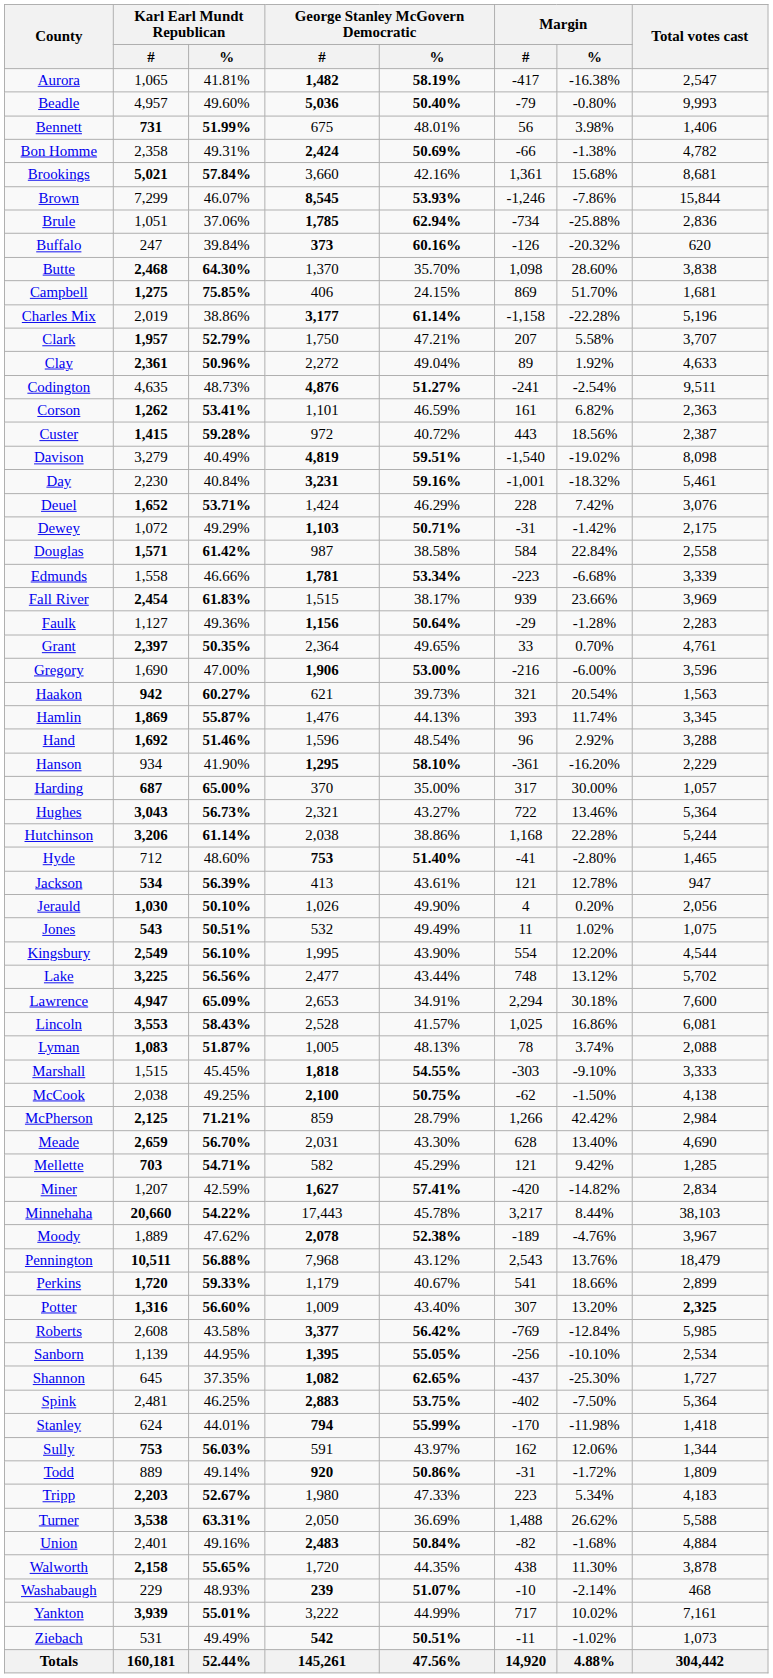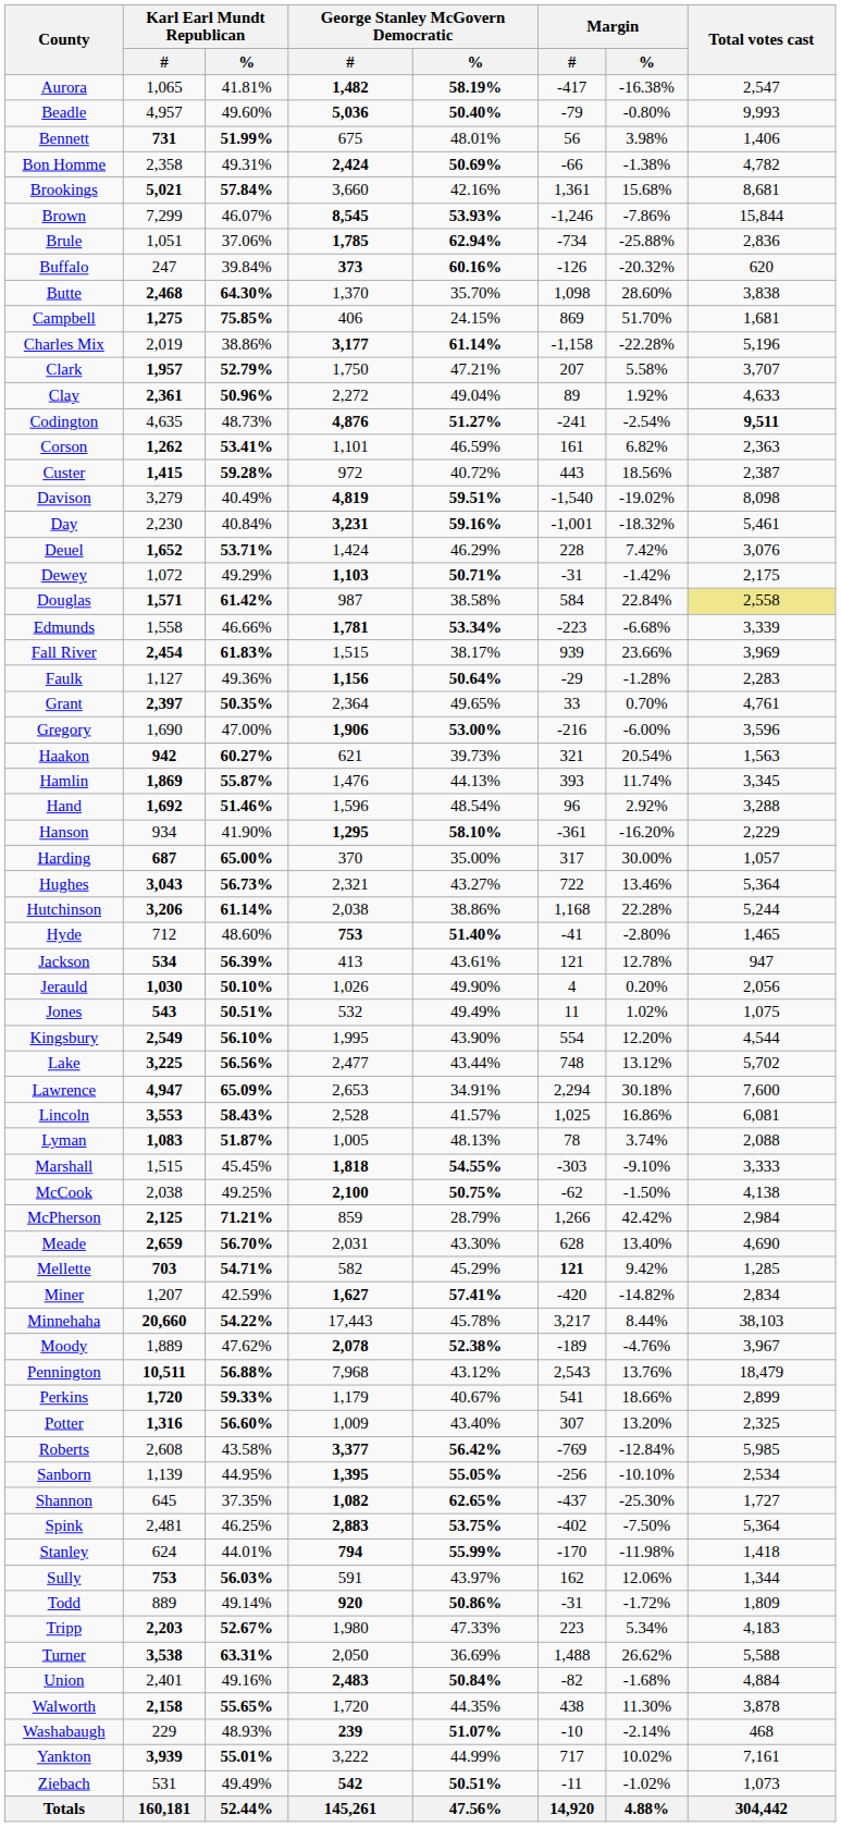 <table class="wikitable sortable" width="65%">
 <tr>
 <th rowspan="2">County</th>
 <th colspan="2">Karl Earl Mundt<br>Republican</th>
 <th colspan="2">George Stanley McGovern<br>Democratic</th>
 <th colspan="2">Margin</th>
 <th rowspan="2">Total votes cast</th>
 </tr>
 <tr style="text-align:center;">
 <th data-sort-type="number">#</th>
 <th data-sort-type="number">%</th>
 <th data-sort-type="number">#</th>
 <th data-sort-type="number">%</th>
 <th data-sort-type="number">#</th>
 <th data-sort-type="number">%</th>
 </tr>
 <tr style="text-align:center;">
 <td><a href='#'>Aurora</a></td>
 <td>1,065</td>
 <td>41.81%</td>
 <td><strong>1,482</strong></td>
 <td><strong>58.19%</strong></td>
 <td>-417</td>
 <td>-16.38%</td>
 <td>2,547</td>
 </tr>
 <tr style="text-align:center;">
 <td><a href='#'>Beadle</a></td>
 <td>4,957</td>
 <td>49.60%</td>
 <td><strong>5,036</strong></td>
 <td><strong>50.40%</strong></td>
 <td>-79</td>
 <td>-0.80%</td>
 <td>9,993</td>
 </tr>
 <tr style="text-align:center;">
 <td><a href='#'>Bennett</a></td>
 <td><strong>731</strong></td>
 <td><strong>51.99%</strong></td>
 <td>675</td>
 <td>48.01%</td>
 <td>56</td>
 <td>3.98%</td>
 <td>1,406</td>
 </tr>
 <tr style="text-align:center;">
 <td><a href='#'>Bon Homme</a></td>
 <td>2,358</td>
 <td>49.31%</td>
 <td><strong>2,424</strong></td>
 <td><strong>50.69%</strong></td>
 <td>-66</td>
 <td>-1.38%</td>
 <td>4,782</td>
 </tr>
 <tr style="text-align:center;">
 <td><a href='#'>Brookings</a></td>
 <td><strong>5,021</strong></td>
 <td><strong>57.84%</strong></td>
 <td>3,660</td>
 <td>42.16%</td>
 <td>1,361</td>
 <td>15.68%</td>
 <td>8,681</td>
 </tr>
 <tr style="text-align:center;">
 <td><a href='#'>Brown</a></td>
 <td>7,299</td>
 <td>46.07%</td>
 <td><strong>8,545</strong></td>
 <td><strong>53.93%</strong></td>
 <td>-1,246</td>
 <td>-7.86%</td>
 <td>15,844</td>
 </tr>
 <tr style="text-align:center;">
 <td><a href='#'>Brule</a></td>
 <td>1,051</td>
 <td>37.06%</td>
 <td><strong>1,785</strong></td>
 <td><strong>62.94%</strong></td>
 <td>-734</td>
 <td>-25.88%</td>
 <td>2,836</td>
 </tr>
 <tr style="text-align:center;">
 <td><a href='#'>Buffalo</a></td>
 <td>247</td>
 <td>39.84%</td>
 <td><strong>373</strong></td>
 <td><strong>60.16%</strong></td>
 <td>-126</td>
 <td>-20.32%</td>
 <td>620</td>
 </tr>
 <tr style="text-align:center;">
 <td><a href='#'>Butte</a></td>
 <td><strong>2,468</strong></td>
 <td><strong>64.30%</strong></td>
 <td>1,370</td>
 <td>35.70%</td>
 <td>1,098</td>
 <td>28.60%</td>
 <td>3,838</td>
 </tr>
 <tr style="text-align:center;">
 <td><a href='#'>Campbell</a></td>
 <td><strong>1,275</strong></td>
 <td><strong>75.85%</strong></td>
 <td>406</td>
 <td>24.15%</td>
 <td>869</td>
 <td>51.70%</td>
 <td>1,681</td>
 </tr>
 <tr style="text-align:center;">
 <td><a href='#'>Charles Mix</a></td>
 <td>2,019</td>
 <td>38.86%</td>
 <td><strong>3,177</strong></td>
 <td><strong>61.14%</strong></td>
 <td>-1,158</td>
 <td>-22.28%</td>
 <td>5,196</td>
 </tr>
 <tr style="text-align:center;">
 <td><a href='#'>Clark</a></td>
 <td><strong>1,957</strong></td>
 <td><strong>52.79%</strong></td>
 <td>1,750</td>
 <td>47.21%</td>
 <td>207</td>
 <td>5.58%</td>
 <td>3,707</td>
 </tr>
 <tr style="text-align:center;">
 <td><a href='#'>Clay</a></td>
 <td><strong>2,361</strong></td>
 <td><strong>50.96%</strong></td>
 <td>2,272</td>
 <td>49.04%</td>
 <td>89</td>
 <td>1.92%</td>
 <td>4,633</td>
 </tr>
 <tr style="text-align:center;">
 <td><a href='#'>Codington</a></td>
 <td>4,635</td>
 <td>48.73%</td>
 <td><strong>4,876</strong></td>
 <td><strong>51.27%</strong></td>
 <td>-241</td>
 <td>-2.54%</td>
-<td>9,511</td>
+<td><strong>9,511</strong></td>
 </tr>
 <tr style="text-align:center;">
 <td><a href='#'>Corson</a></td>
 <td><strong>1,262</strong></td>
 <td><strong>53.41%</strong></td>
 <td>1,101</td>
 <td>46.59%</td>
 <td>161</td>
 <td>6.82%</td>
 <td>2,363</td>
 </tr>
 <tr style="text-align:center;">
 <td><a href='#'>Custer</a></td>
 <td><strong>1,415</strong></td>
 <td><strong>59.28%</strong></td>
 <td>972</td>
 <td>40.72%</td>
 <td>443</td>
 <td>18.56%</td>
 <td>2,387</td>
 </tr>
 <tr style="text-align:center;">
 <td><a href='#'>Davison</a></td>
 <td>3,279</td>
 <td>40.49%</td>
 <td><strong>4,819</strong></td>
 <td><strong>59.51%</strong></td>
 <td>-1,540</td>
 <td>-19.02%</td>
 <td>8,098</td>
 </tr>
 <tr style="text-align:center;">
 <td><a href='#'>Day</a></td>
 <td>2,230</td>
 <td>40.84%</td>
 <td><strong>3,231</strong></td>
 <td><strong>59.16%</strong></td>
 <td>-1,001</td>
 <td>-18.32%</td>
 <td>5,461</td>
 </tr>
 <tr style="text-align:center;">
 <td><a href='#'>Deuel</a></td>
 <td><strong>1,652</strong></td>
 <td><strong>53.71%</strong></td>
 <td>1,424</td>
 <td>46.29%</td>
 <td>228</td>
 <td>7.42%</td>
 <td>3,076</td>
 </tr>
 <tr style="text-align:center;">
 <td><a href='#'>Dewey</a></td>
 <td>1,072</td>
 <td>49.29%</td>
 <td><strong>1,103</strong></td>
 <td><strong>50.71%</strong></td>
 <td>-31</td>
 <td>-1.42%</td>
 <td>2,175</td>
 </tr>
 <tr style="text-align:center;">
 <td><a href='#'>Douglas</a></td>
 <td><strong>1,571</strong></td>
 <td><strong>61.42%</strong></td>
 <td>987</td>
 <td>38.58%</td>
 <td>584</td>
 <td>22.84%</td>
-<td>2,558</td>
+<td style="background: khaki;">2,558</td>
 </tr>
 <tr style="text-align:center;">
 <td><a href='#'>Edmunds</a></td>
 <td>1,558</td>
 <td>46.66%</td>
 <td><strong>1,781</strong></td>
 <td><strong>53.34%</strong></td>
 <td>-223</td>
 <td>-6.68%</td>
 <td>3,339</td>
 </tr>
 <tr style="text-align:center;">
 <td><a href='#'>Fall River</a></td>
 <td><strong>2,454</strong></td>
 <td><strong>61.83%</strong></td>
 <td>1,515</td>
 <td>38.17%</td>
 <td>939</td>
 <td>23.66%</td>
 <td>3,969</td>
 </tr>
 <tr style="text-align:center;">
 <td><a href='#'>Faulk</a></td>
 <td>1,127</td>
 <td>49.36%</td>
 <td><strong>1,156</strong></td>
 <td><strong>50.64%</strong></td>
 <td>-29</td>
 <td>-1.28%</td>
 <td>2,283</td>
 </tr>
 <tr style="text-align:center;">
 <td><a href='#'>Grant</a></td>
 <td><strong>2,397</strong></td>
 <td><strong>50.35%</strong></td>
 <td>2,364</td>
 <td>49.65%</td>
 <td>33</td>
 <td>0.70%</td>
 <td>4,761</td>
 </tr>
 <tr style="text-align:center;">
 <td><a href='#'>Gregory</a></td>
 <td>1,690</td>
 <td>47.00%</td>
 <td><strong>1,906</strong></td>
 <td><strong>53.00%</strong></td>
 <td>-216</td>
 <td>-6.00%</td>
 <td>3,596</td>
 </tr>
 <tr style="text-align:center;">
 <td><a href='#'>Haakon</a></td>
 <td><strong>942</strong></td>
 <td><strong>60.27%</strong></td>
 <td>621</td>
 <td>39.73%</td>
 <td>321</td>
 <td>20.54%</td>
 <td>1,563</td>
 </tr>
 <tr style="text-align:center;">
 <td><a href='#'>Hamlin</a></td>
 <td><strong>1,869</strong></td>
 <td><strong>55.87%</strong></td>
 <td>1,476</td>
 <td>44.13%</td>
 <td>393</td>
 <td>11.74%</td>
 <td>3,345</td>
 </tr>
 <tr style="text-align:center;">
 <td><a href='#'>Hand</a></td>
 <td><strong>1,692</strong></td>
 <td><strong>51.46%</strong></td>
 <td>1,596</td>
 <td>48.54%</td>
 <td>96</td>
 <td>2.92%</td>
 <td>3,288</td>
 </tr>
 <tr style="text-align:center;">
 <td><a href='#'>Hanson</a></td>
 <td>934</td>
 <td>41.90%</td>
 <td><strong>1,295</strong></td>
 <td><strong>58.10%</strong></td>
 <td>-361</td>
 <td>-16.20%</td>
 <td>2,229</td>
 </tr>
 <tr style="text-align:center;">
 <td><a href='#'>Harding</a></td>
 <td><strong>687</strong></td>
 <td><strong>65.00%</strong></td>
 <td>370</td>
 <td>35.00%</td>
 <td>317</td>
 <td>30.00%</td>
 <td>1,057</td>
 </tr>
 <tr style="text-align:center;">
 <td><a href='#'>Hughes</a></td>
 <td><strong>3,043</strong></td>
 <td><strong>56.73%</strong></td>
 <td>2,321</td>
 <td>43.27%</td>
 <td>722</td>
 <td>13.46%</td>
 <td>5,364</td>
 </tr>
 <tr style="text-align:center;">
 <td><a href='#'>Hutchinson</a></td>
 <td><strong>3,206</strong></td>
 <td><strong>61.14%</strong></td>
 <td>2,038</td>
 <td>38.86%</td>
 <td>1,168</td>
 <td>22.28%</td>
 <td>5,244</td>
 </tr>
 <tr style="text-align:center;">
 <td><a href='#'>Hyde</a></td>
 <td>712</td>
 <td>48.60%</td>
 <td><strong>753</strong></td>
 <td><strong>51.40%</strong></td>
 <td>-41</td>
 <td>-2.80%</td>
 <td>1,465</td>
 </tr>
 <tr style="text-align:center;">
 <td><a href='#'>Jackson</a></td>
 <td><strong>534</strong></td>
 <td><strong>56.39%</strong></td>
 <td>413</td>
 <td>43.61%</td>
 <td>121</td>
 <td>12.78%</td>
 <td>947</td>
 </tr>
 <tr style="text-align:center;">
 <td><a href='#'>Jerauld</a></td>
 <td><strong>1,030</strong></td>
 <td><strong>50.10%</strong></td>
 <td>1,026</td>
 <td>49.90%</td>
 <td>4</td>
 <td>0.20%</td>
 <td>2,056</td>
 </tr>
 <tr style="text-align:center;">
 <td><a href='#'>Jones</a></td>
 <td><strong>543</strong></td>
 <td><strong>50.51%</strong></td>
 <td>532</td>
 <td>49.49%</td>
 <td>11</td>
 <td>1.02%</td>
 <td>1,075</td>
 </tr>
 <tr style="text-align:center;">
 <td><a href='#'>Kingsbury</a></td>
 <td><strong>2,549</strong></td>
 <td><strong>56.10%</strong></td>
 <td>1,995</td>
 <td>43.90%</td>
 <td>554</td>
 <td>12.20%</td>
 <td>4,544</td>
 </tr>
 <tr style="text-align:center;">
 <td><a href='#'>Lake</a></td>
 <td><strong>3,225</strong></td>
 <td><strong>56.56%</strong></td>
 <td>2,477</td>
 <td>43.44%</td>
 <td>748</td>
 <td>13.12%</td>
 <td>5,702</td>
 </tr>
 <tr style="text-align:center;">
 <td><a href='#'>Lawrence</a></td>
 <td><strong>4,947</strong></td>
 <td><strong>65.09%</strong></td>
 <td>2,653</td>
 <td>34.91%</td>
 <td>2,294</td>
 <td>30.18%</td>
 <td>7,600</td>
 </tr>
 <tr style="text-align:center;">
 <td><a href='#'>Lincoln</a></td>
 <td><strong>3,553</strong></td>
 <td><strong>58.43%</strong></td>
 <td>2,528</td>
 <td>41.57%</td>
 <td>1,025</td>
 <td>16.86%</td>
 <td>6,081</td>
 </tr>
 <tr style="text-align:center;">
 <td><a href='#'>Lyman</a></td>
 <td><strong>1,083</strong></td>
 <td><strong>51.87%</strong></td>
 <td>1,005</td>
 <td>48.13%</td>
 <td>78</td>
 <td>3.74%</td>
 <td>2,088</td>
 </tr>
 <tr style="text-align:center;">
 <td><a href='#'>Marshall</a></td>
 <td>1,515</td>
 <td>45.45%</td>
 <td><strong>1,818</strong></td>
 <td><strong>54.55%</strong></td>
 <td>-303</td>
 <td>-9.10%</td>
 <td>3,333</td>
 </tr>
 <tr style="text-align:center;">
 <td><a href='#'>McCook</a></td>
 <td>2,038</td>
 <td>49.25%</td>
 <td><strong>2,100</strong></td>
 <td><strong>50.75%</strong></td>
 <td>-62</td>
 <td>-1.50%</td>
 <td>4,138</td>
 </tr>
 <tr style="text-align:center;">
 <td><a href='#'>McPherson</a></td>
 <td><strong>2,125</strong></td>
 <td><strong>71.21%</strong></td>
 <td>859</td>
 <td>28.79%</td>
 <td>1,266</td>
 <td>42.42%</td>
 <td>2,984</td>
 </tr>
 <tr style="text-align:center;">
 <td><a href='#'>Meade</a></td>
 <td><strong>2,659</strong></td>
 <td><strong>56.70%</strong></td>
 <td>2,031</td>
 <td>43.30%</td>
 <td>628</td>
 <td>13.40%</td>
 <td>4,690</td>
 </tr>
 <tr style="text-align:center;">
 <td><a href='#'>Mellette</a></td>
 <td><strong>703</strong></td>
 <td><strong>54.71%</strong></td>
 <td>582</td>
 <td>45.29%</td>
-<td>121</td>
+<td><strong>121</strong></td>
 <td>9.42%</td>
 <td>1,285</td>
 </tr>
 <tr style="text-align:center;">
 <td><a href='#'>Miner</a></td>
 <td>1,207</td>
 <td>42.59%</td>
 <td><strong>1,627</strong></td>
 <td><strong>57.41%</strong></td>
 <td>-420</td>
 <td>-14.82%</td>
 <td>2,834</td>
 </tr>
 <tr style="text-align:center;">
 <td><a href='#'>Minnehaha</a></td>
 <td><strong>20,660</strong></td>
 <td><strong>54.22%</strong></td>
 <td>17,443</td>
 <td>45.78%</td>
 <td>3,217</td>
 <td>8.44%</td>
 <td>38,103</td>
 </tr>
 <tr style="text-align:center;">
 <td><a href='#'>Moody</a></td>
 <td>1,889</td>
 <td>47.62%</td>
 <td><strong>2,078</strong></td>
 <td><strong>52.38%</strong></td>
 <td>-189</td>
 <td>-4.76%</td>
 <td>3,967</td>
 </tr>
 <tr style="text-align:center;">
 <td><a href='#'>Pennington</a></td>
 <td><strong>10,511</strong></td>
 <td><strong>56.88%</strong></td>
 <td>7,968</td>
 <td>43.12%</td>
 <td>2,543</td>
 <td>13.76%</td>
 <td>18,479</td>
 </tr>
 <tr style="text-align:center;">
 <td><a href='#'>Perkins</a></td>
 <td><strong>1,720</strong></td>
 <td><strong>59.33%</strong></td>
 <td>1,179</td>
 <td>40.67%</td>
 <td>541</td>
 <td>18.66%</td>
 <td>2,899</td>
 </tr>
 <tr style="text-align:center;">
 <td><a href='#'>Potter</a></td>
 <td><strong>1,316</strong></td>
 <td><strong>56.60%</strong></td>
 <td>1,009</td>
 <td>43.40%</td>
 <td>307</td>
 <td>13.20%</td>
-<td><strong>2,325</strong></td>
+<td>2,325</td>
 </tr>
 <tr style="text-align:center;">
 <td><a href='#'>Roberts</a></td>
 <td>2,608</td>
 <td>43.58%</td>
 <td><strong>3,377</strong></td>
 <td><strong>56.42%</strong></td>
 <td>-769</td>
 <td>-12.84%</td>
 <td>5,985</td>
 </tr>
 <tr style="text-align:center;">
 <td><a href='#'>Sanborn</a></td>
 <td>1,139</td>
 <td>44.95%</td>
 <td><strong>1,395</strong></td>
 <td><strong>55.05%</strong></td>
 <td>-256</td>
 <td>-10.10%</td>
 <td>2,534</td>
 </tr>
 <tr style="text-align:center;">
 <td><a href='#'>Shannon</a></td>
 <td>645</td>
 <td>37.35%</td>
 <td><strong>1,082</strong></td>
 <td><strong>62.65%</strong></td>
 <td>-437</td>
 <td>-25.30%</td>
 <td>1,727</td>
 </tr>
 <tr style="text-align:center;">
 <td><a href='#'>Spink</a></td>
 <td>2,481</td>
 <td>46.25%</td>
 <td><strong>2,883</strong></td>
 <td><strong>53.75%</strong></td>
 <td>-402</td>
 <td>-7.50%</td>
 <td>5,364</td>
 </tr>
 <tr style="text-align:center;">
 <td><a href='#'>Stanley</a></td>
 <td>624</td>
 <td>44.01%</td>
 <td><strong>794</strong></td>
 <td><strong>55.99%</strong></td>
 <td>-170</td>
 <td>-11.98%</td>
 <td>1,418</td>
 </tr>
 <tr style="text-align:center;">
 <td><a href='#'>Sully</a></td>
 <td><strong>753</strong></td>
 <td><strong>56.03%</strong></td>
 <td>591</td>
 <td>43.97%</td>
 <td>162</td>
 <td>12.06%</td>
 <td>1,344</td>
 </tr>
 <tr style="text-align:center;">
 <td><a href='#'>Todd</a></td>
 <td>889</td>
 <td>49.14%</td>
 <td><strong>920</strong></td>
 <td><strong>50.86%</strong></td>
 <td>-31</td>
 <td>-1.72%</td>
 <td>1,809</td>
 </tr>
 <tr style="text-align:center;">
 <td><a href='#'>Tripp</a></td>
 <td><strong>2,203</strong></td>
 <td><strong>52.67%</strong></td>
 <td>1,980</td>
 <td>47.33%</td>
 <td>223</td>
 <td>5.34%</td>
 <td>4,183</td>
 </tr>
 <tr style="text-align:center;">
 <td><a href='#'>Turner</a></td>
 <td><strong>3,538</strong></td>
 <td><strong>63.31%</strong></td>
 <td>2,050</td>
 <td>36.69%</td>
 <td>1,488</td>
 <td>26.62%</td>
 <td>5,588</td>
 </tr>
 <tr style="text-align:center;">
 <td><a href='#'>Union</a></td>
 <td>2,401</td>
 <td>49.16%</td>
 <td><strong>2,483</strong></td>
 <td><strong>50.84%</strong></td>
 <td>-82</td>
 <td>-1.68%</td>
 <td>4,884</td>
 </tr>
 <tr style="text-align:center;">
 <td><a href='#'>Walworth</a></td>
 <td><strong>2,158</strong></td>
 <td><strong>55.65%</strong></td>
 <td>1,720</td>
 <td>44.35%</td>
 <td>438</td>
 <td>11.30%</td>
 <td>3,878</td>
 </tr>
 <tr style="text-align:center;">
 <td><a href='#'>Washabaugh</a></td>
 <td>229</td>
 <td>48.93%</td>
 <td><strong>239</strong></td>
 <td><strong>51.07%</strong></td>
 <td>-10</td>
 <td>-2.14%</td>
 <td>468</td>
 </tr>
 <tr style="text-align:center;">
 <td><a href='#'>Yankton</a></td>
 <td><strong>3,939</strong></td>
 <td><strong>55.01%</strong></td>
 <td>3,222</td>
 <td>44.99%</td>
 <td>717</td>
 <td>10.02%</td>
 <td>7,161</td>
 </tr>
 <tr style="text-align:center;">
 <td><a href='#'>Ziebach</a></td>
 <td>531</td>
 <td>49.49%</td>
 <td><strong>542</strong></td>
 <td><strong>50.51%</strong></td>
 <td>-11</td>
 <td>-1.02%</td>
 <td>1,073</td>
 </tr>
 <tr style="text-align:center;">
 <th>Totals</th>
 <th>160,181</th>
 <th>52.44%</th>
 <th>145,261</th>
 <th>47.56%</th>
 <th>14,920</th>
 <th>4.88%</th>
 <th>304,442</th>
 </tr>
 </table>
